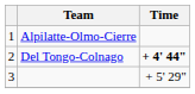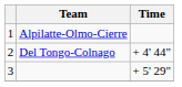 <table class="wikitable">
 <tr>
 <th></th>
 <th>Team</th>
 <th>Time</th>
 </tr>
 <tr>
 <td>1</td>
 <td><a href='#'>Alpilatte-Olmo-Cierre</a></td>
 <td align=right></td>
 </tr>
 <tr>
 <td>2</td>
 <td><a href='#'>Del Tongo-Colnago</a></td>
-<td align=right><strong>+ 4' 44"</strong></td>
+<td align=right>+ 4' 44"</td>
 </tr>
 <tr>
 <td>3</td>
 <td></td>
 <td align=right>+ 5' 29"</td>
 </tr>
 <tr>
 </tr>
 </table>
